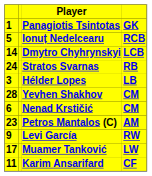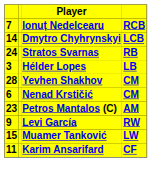 <table class="toccolours" border="0" cellpadding="2" cellspacing="0" align="center" style="margin: 0.5em 0 1em 1em; background: #000000; border: 1px #aaaaaa solid;">
 <tr bgcolor=#FFFF00>
 <th></th>
 <th></th>
 <th>Player</th>
 <th></th>
 </tr>
 <tr bgcolor=#FFFF00>
-<td><strong>1</strong></td>
-<td></td>
-<td><a href='#'><span><strong>Panagiotis Tsintotas</strong></span></a></td>
-<td><a href='#'><strong>GK</strong></a></td>
-</tr>
-<tr bgcolor=#FFFF00>
-<td><strong>5</strong></td>
+<td><strong>7</strong></td>
 <td></td>
 <td><a href='#'><span><strong>Ionuț Nedelcearu</strong></span></a></td>
 <td><a href='#'><strong>RCB</strong></a></td>
 </tr>
 <tr bgcolor=#FFFF00>
 <td><strong>14</strong></td>
 <td></td>
 <td><a href='#'><span><strong>Dmytro Chyhrynskyi</strong></span></a></td>
 <td><a href='#'><strong>LCB</strong></a></td>
 </tr>
 <tr bgcolor=#FFFF00>
 <td><strong>24</strong></td>
 <td></td>
 <td><a href='#'><span><strong>Stratos Svarnas</strong></span></a></td>
 <td><a href='#'><strong>RB</strong></a></td>
 </tr>
 <tr bgcolor=#FFFF00>
 <td><strong>3</strong></td>
 <td></td>
 <td><a href='#'><span><strong>Hélder Lopes</strong></span></a></td>
 <td><a href='#'><strong>LB</strong></a></td>
 </tr>
 <tr bgcolor=#FFFF00>
 <td><strong>28</strong></td>
 <td></td>
 <td><a href='#'><span><strong>Yevhen Shakhov</strong></span></a></td>
 <td><a href='#'><strong>CM</strong></a></td>
 </tr>
 <tr bgcolor=#FFFF00>
 <td><strong>6</strong></td>
 <td></td>
 <td><a href='#'><span><strong>Nenad Krstičić</strong></span></a></td>
 <td><a href='#'><strong>CM</strong></a></td>
 </tr>
 <tr bgcolor=#FFFF00>
 <td><strong>23</strong></td>
 <td></td>
 <td><a href='#'><span><strong>Petros Mantalos</strong></span></a> <strong>(C)</strong></td>
 <td><a href='#'><strong>AM</strong></a></td>
 </tr>
 <tr bgcolor=#FFFF00>
 <td><strong>9</strong></td>
 <td></td>
 <td><a href='#'><span><strong>Levi García</strong></span></a></td>
 <td><a href='#'><strong>RW</strong></a></td>
 </tr>
 <tr bgcolor=#FFFF00>
-<td><strong>17</strong></td>
+<td><strong>15</strong></td>
 <td></td>
 <td><a href='#'><span><strong>Muamer Tanković</strong></span></a></td>
 <td><a href='#'><strong>LW</strong></a></td>
 </tr>
 <tr bgcolor=#FFFF00>
 <td><strong>11</strong></td>
 <td></td>
 <td><a href='#'><span><strong>Karim Ansarifard</strong></span></a></td>
 <td><a href='#'><strong>CF</strong></a></td>
 </tr>
 </table>
